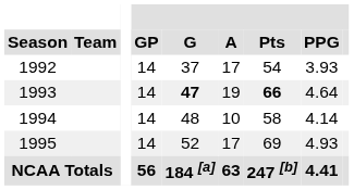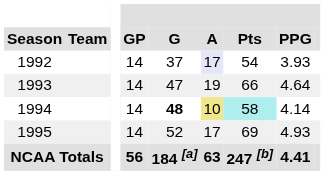 <table BORDER="0" CELLPADDING="3" CELLSPACING="0">
 <tr ALIGN="center" bgcolor="#e0e0e0">
 <th colspan="2" bgcolor="#ffffff"> </th>
 <th rowspan="99" bgcolor="#ffffff"> </th>
 <th colspan="7"></th>
 </tr>
 <tr ALIGN="center" bgcolor="#e0e0e0">
 <th>Season</th>
 <th>Team</th>
 <th>GP</th>
 <th>G</th>
 <th>A</th>
 <th>Pts</th>
 <th>PPG</th>
 <th></th>
 </tr>
 <tr ALIGN="center" bgcolor="#f0f0f0">
 </tr>
 <tr ALIGN="center">
 <td>1992</td>
 <td></td>
 <td>14</td>
 <td>37</td>
-<td>17</td>
+<td style="background: lavender;">17</td>
 <td>54</td>
 <td>3.93</td>
 <td></td>
 </tr>
 <tr ALIGN="center" bgcolor="#f0f0f0">
 <td>1993</td>
 <td></td>
 <td>14</td>
-<td><strong>47</strong></td>
+<td>47</td>
 <td>19</td>
-<td><strong>66</strong></td>
+<td>66</td>
 <td>4.64</td>
 <td></td>
 </tr>
 <tr ALIGN="center">
 <td>1994</td>
 <td></td>
 <td>14</td>
-<td>48</td>
-<td>10</td>
-<td>58</td>
+<td><strong>48</strong></td>
+<td style="background: khaki;">10</td>
+<td style="background: paleturquoise;">58</td>
 <td>4.14</td>
 <td></td>
 </tr>
 <tr ALIGN="center" bgcolor="#f0f0f0">
 <td>1995</td>
 <td></td>
 <td>14</td>
 <td>52</td>
 <td>17</td>
 <td>69</td>
 <td>4.93</td>
 <td></td>
 </tr>
 <tr ALIGN="center" bgcolor="#e0e0e0">
 <th colspan="2">NCAA Totals</th>
 <th>56</th>
 <th>184 <sup><strong><em>[a]</em></strong></sup></th>
 <th>63</th>
 <th>247 <sup><strong><em>[b]</em></strong></sup></th>
 <th>4.41</th>
 <th></th>
 </tr>
 </table>
